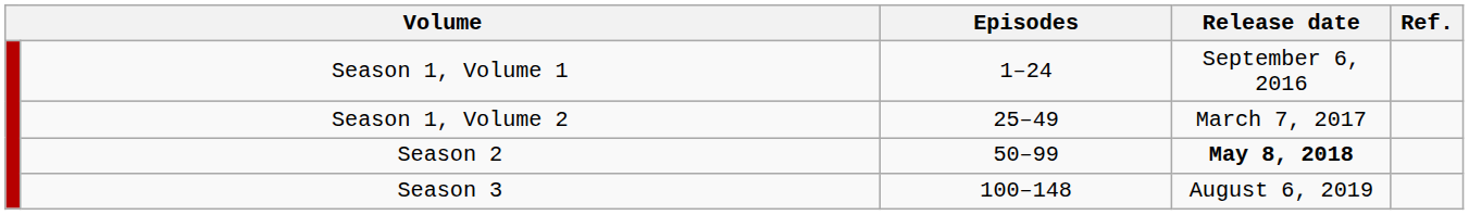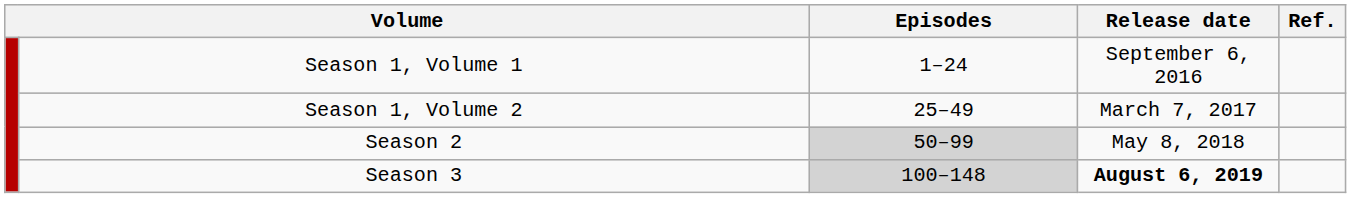 <table class="wikitable" style="text-align: center; width: 98%;">
 <tr>
 <th colspan="2">Volume</th>
 <th width="20%">Episodes</th>
 <th width="15%">Release date</th>
 <th width="5%">Ref.</th>
 </tr>
 <tr>
 <td rowspan="4" width="1%" style="background: #B60000;"></td>
 <td>Season 1, Volume 1</td>
 <td>1–24</td>
 <td>September 6, 2016</td>
 <td></td>
 </tr>
 <tr>
 <td>Season 1, Volume 2</td>
 <td>25–49</td>
 <td>March 7, 2017</td>
 <td></td>
 </tr>
 <tr>
 <td>Season 2</td>
-<td>50–99</td>
-<td><strong>May 8, 2018</strong></td>
+<td style="background: lightgrey;">50–99</td>
+<td>May 8, 2018</td>
 <td></td>
 </tr>
 <tr>
 <td>Season 3</td>
-<td>100–148</td>
-<td>August 6, 2019</td>
+<td style="background: lightgrey;">100–148</td>
+<td><strong>August 6, 2019</strong></td>
 <td></td>
 </tr>
 </table>
